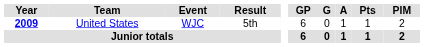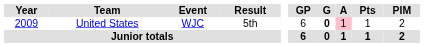 <table border="0" cellpadding="1" cellspacing="0" style="text-align:center; width:40em">
 <tr ALIGN="center" bgcolor="#e0e0e0">
 <th>Year</th>
 <th>Team</th>
 <th>Event</th>
 <th>Result</th>
 <th rowspan="99" bgcolor="#ffffff"> </th>
 <th>GP</th>
 <th>G</th>
 <th>A</th>
 <th>Pts</th>
 <th>PIM</th>
 </tr>
 <tr ALIGN="center">
-<td><strong><a href='#'>2009</a></strong></td>
+<td><a href='#'>2009</a></td>
 <td><a href='#'>United States</a></td>
 <td><a href='#'>WJC</a></td>
 <td>5th</td>
 <td>6</td>
-<td>0</td>
-<td>1</td>
+<td><strong>0</strong></td>
+<td style="background: pink;">1</td>
 <td>1</td>
 <td>2</td>
 </tr>
 <tr bgcolor="#e0e0e0">
 <th colspan="4">Junior totals</th>
 <th>6</th>
 <th>0</th>
 <th>1</th>
 <th>1</th>
 <th>2</th>
 </tr>
 </table>
